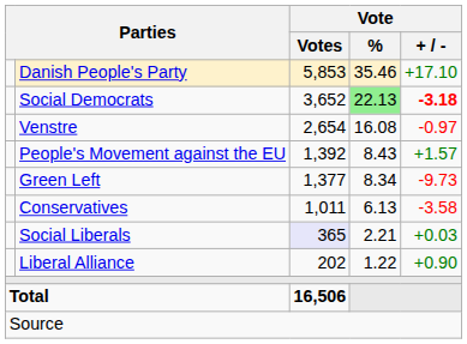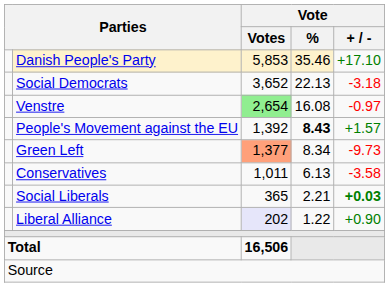 <table class="wikitable" style="text-align:right;">
 <tr>
 <th style="text-align:centre;" rowspan="2" colspan="2" width="225">Parties</th>
 <th colspan="3">Vote</th>
 </tr>
 <tr>
 <th width="15">Votes</th>
 <th width="15">%</th>
 <th width="15">+ / -</th>
 </tr>
 <tr>
 <td width="2" style="color:inherit;background:"></td>
 <td bgcolor=#fef2cc   align="left"><a href='#'>Danish People's Party</a></td>
 <td bgcolor=#fef2cc>5,853</td>
 <td bgcolor=#fef2cc>35.46</td>
 <td style=color:green;>+17.10</td>
 </tr>
 <tr>
 <td width="2" style="color:inherit;background:"></td>
 <td align="left"><a href='#'>Social Democrats</a></td>
 <td>3,652</td>
-<td style="background: lightgreen;">22.13</td>
-<td style=color:red;><strong>-3.18</strong></td>
+<td>22.13</td>
+<td style=color:red;>-3.18</td>
 </tr>
 <tr>
 <td width="2" style="color:inherit;background:"></td>
 <td align="left"><a href='#'>Venstre</a></td>
-<td>2,654</td>
+<td style="background: lightgreen;">2,654</td>
 <td>16.08</td>
 <td style=color:red;>-0.97</td>
 </tr>
 <tr>
 <td width="2" style="color:inherit;background:"></td>
 <td align="left"><a href='#'>People's Movement against the EU</a></td>
 <td>1,392</td>
-<td>8.43</td>
+<td><strong>8.43</strong></td>
 <td style=color:green;>+1.57</td>
 </tr>
 <tr>
 <td width="2" style="color:inherit;background:"></td>
 <td align="left"><a href='#'>Green Left</a></td>
-<td>1,377</td>
+<td style="background: lightsalmon;">1,377</td>
 <td>8.34</td>
 <td style=color:red;>-9.73</td>
 </tr>
 <tr>
 <td width="2" style="color:inherit;background:"></td>
 <td align="left"><a href='#'>Conservatives</a></td>
 <td>1,011</td>
 <td>6.13</td>
 <td style=color:red;>-3.58</td>
 </tr>
 <tr>
 <td width="2" style="color:inherit;background:"></td>
 <td align="left"><a href='#'>Social Liberals</a></td>
-<td style="background: lavender;">365</td>
+<td>365</td>
 <td>2.21</td>
-<td style=color:green;>+0.03</td>
+<td style=color:green;><strong>+0.03</strong></td>
 </tr>
 <tr>
 <td width="2" style="color:inherit;background:"></td>
 <td align="left"><a href='#'>Liberal Alliance</a></td>
-<td>202</td>
+<td style="background: lavender;">202</td>
 <td>1.22</td>
 <td style=color:green;>+0.90</td>
 </tr>
 <tr>
 <td colspan="7" bgcolor="#E9E9E9"></td>
 </tr>
 <tr>
 <td align="left" colspan="2"><strong>Total</strong></td>
 <td><strong>16,506</strong></td>
 <td bgcolor="#E9E9E9" colspan="2"></td>
 </tr>
 <tr>
 <td align="left" colspan="6">Source</td>
 </tr>
 </table>
